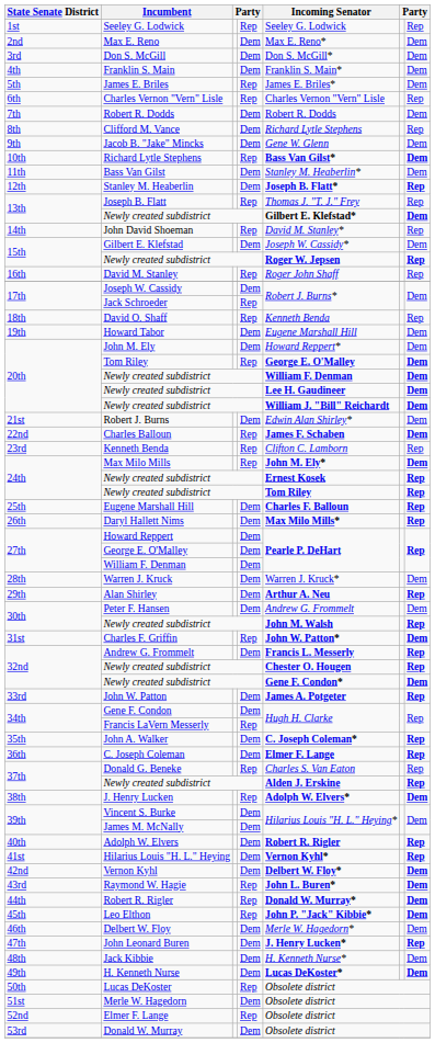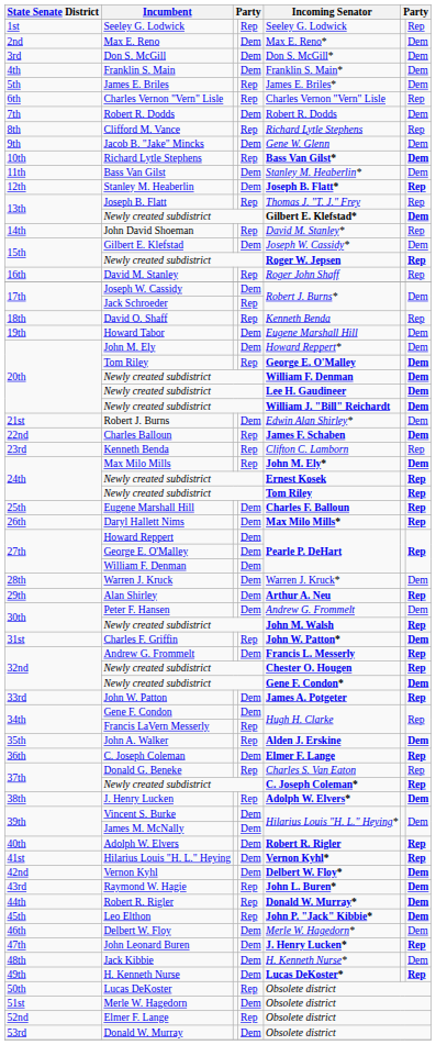 <table class="sortable wikitable" style="font-size:95%;line-height:14px;">
 <tr>
 <th class="unsortable"><a href='#'>State Senate</a> District</th>
 <th class="unsortable"><a href='#'>Incumbent</a></th>
 <th colspan="2">Party</th>
 <th class="unsortable">Incoming Senator</th>
 <th colspan="2">Party</th>
 </tr>
 <tr>
 <td><a href='#'>1st</a></td>
 <td><a href='#'>Seeley G. Lodwick</a></td>
 <td style="background:"></td>
 <td><a href='#'>Rep</a></td>
 <td><a href='#'>Seeley G. Lodwick</a></td>
 <td style="background:"></td>
 <td><a href='#'>Rep</a></td>
 </tr>
 <tr>
 <td><a href='#'>2nd</a></td>
 <td><a href='#'>Max E. Reno</a></td>
 <td style="background:"></td>
 <td><a href='#'>Dem</a></td>
 <td><a href='#'>Max E. Reno</a>*</td>
 <td style="background:"></td>
 <td><a href='#'>Dem</a></td>
 </tr>
 <tr>
 <td><a href='#'>3rd</a></td>
 <td><a href='#'>Don S. McGill</a></td>
 <td style="background:"></td>
 <td><a href='#'>Dem</a></td>
 <td><a href='#'>Don S. McGill</a>*</td>
 <td style="background:"></td>
 <td><a href='#'>Dem</a></td>
 </tr>
 <tr>
 <td><a href='#'>4th</a></td>
 <td><a href='#'>Franklin S. Main</a></td>
 <td style="background:"></td>
 <td><a href='#'>Dem</a></td>
 <td><a href='#'>Franklin S. Main</a>*</td>
 <td style="background:"></td>
 <td><a href='#'>Dem</a></td>
 </tr>
 <tr>
 <td><a href='#'>5th</a></td>
 <td><a href='#'>James E. Briles</a></td>
 <td style="background:"></td>
 <td><a href='#'>Rep</a></td>
 <td><a href='#'>James E. Briles</a>*</td>
 <td style="background:"></td>
 <td><a href='#'>Dem</a></td>
 </tr>
 <tr>
 <td><a href='#'>6th</a></td>
 <td><a href='#'>Charles Vernon "Vern" Lisle</a></td>
 <td style="background:"></td>
 <td><a href='#'>Rep</a></td>
 <td><a href='#'>Charles Vernon "Vern" Lisle</a></td>
 <td style="background:"></td>
 <td><a href='#'>Rep</a></td>
 </tr>
 <tr>
 <td><a href='#'>7th</a></td>
 <td><a href='#'>Robert R. Dodds</a></td>
 <td style="background:"></td>
 <td><a href='#'>Dem</a></td>
 <td><a href='#'>Robert R. Dodds</a></td>
 <td style="background:"></td>
 <td><a href='#'>Dem</a></td>
 </tr>
 <tr>
 <td><a href='#'>8th</a></td>
 <td><a href='#'>Clifford M. Vance</a></td>
 <td style="background:"></td>
-<td><a href='#'>Dem</a></td>
+<td><a href='#'>Rep</a></td>
 <td><em><a href='#'>Richard Lytle Stephens</a></em></td>
 <td style="background:"></td>
 <td><a href='#'>Rep</a></td>
 </tr>
 <tr>
 <td><a href='#'>9th</a></td>
 <td><a href='#'>Jacob B. "Jake" Mincks</a></td>
 <td style="background:"></td>
 <td><a href='#'>Dem</a></td>
 <td><em><a href='#'>Gene W. Glenn</a></em></td>
 <td style="background:"></td>
 <td><a href='#'>Dem</a></td>
 </tr>
 <tr>
 <td><a href='#'>10th</a></td>
 <td><a href='#'>Richard Lytle Stephens</a></td>
 <td style="background:"></td>
 <td><a href='#'>Rep</a></td>
 <td><strong><a href='#'>Bass Van Gilst</a>*</strong></td>
 <td style="background:"></td>
 <td><strong><a href='#'>Dem</a></strong></td>
 </tr>
 <tr>
 <td><a href='#'>11th</a></td>
 <td><a href='#'>Bass Van Gilst</a></td>
 <td style="background:"></td>
 <td><a href='#'>Dem</a></td>
 <td><em><a href='#'>Stanley M. Heaberlin</a>*</em></td>
 <td style="background:"></td>
 <td><a href='#'>Dem</a></td>
 </tr>
 <tr>
 <td><a href='#'>12th</a></td>
 <td><a href='#'>Stanley M. Heaberlin</a></td>
 <td style="background:"></td>
 <td><a href='#'>Dem</a></td>
 <td><strong><a href='#'>Joseph B. Flatt</a>*</strong></td>
 <td style="background:"></td>
 <td><strong><a href='#'>Rep</a></strong></td>
 </tr>
 <tr>
 <td rowspan="2"><a href='#'>13th</a></td>
 <td><a href='#'>Joseph B. Flatt</a></td>
 <td style="background:"></td>
 <td><a href='#'>Rep</a></td>
 <td><em><a href='#'>Thomas J. "T. J." Frey</a></em></td>
 <td style="background:"></td>
 <td><a href='#'>Rep</a></td>
 </tr>
 <tr>
 <td colspan="3" ><em>Newly created subdistrict</em></td>
 <td><strong>Gilbert E. Klefstad*</strong></td>
 <td style="background:"></td>
 <td><strong><a href='#'>Dem</a></strong></td>
 </tr>
 <tr>
 <td><a href='#'>14th</a></td>
 <td>John David Shoeman</td>
 <td style="background:"></td>
 <td><a href='#'>Rep</a></td>
 <td><em><a href='#'>David M. Stanley</a>*</em></td>
 <td style="background:"></td>
 <td><a href='#'>Rep</a></td>
 </tr>
 <tr>
 <td rowspan="2"><a href='#'>15th</a></td>
 <td><a href='#'>Gilbert E. Klefstad</a></td>
 <td style="background:"></td>
 <td><a href='#'>Dem</a></td>
 <td><em><a href='#'>Joseph W. Cassidy</a>*</em></td>
 <td style="background:"></td>
 <td><a href='#'>Dem</a></td>
 </tr>
 <tr>
 <td colspan="3" ><em>Newly created subdistrict</em></td>
 <td><strong><a href='#'>Roger W. Jepsen</a></strong></td>
 <td style="background:"></td>
 <td><strong><a href='#'>Rep</a></strong></td>
 </tr>
 <tr>
 <td><a href='#'>16th</a></td>
 <td><a href='#'>David M. Stanley</a></td>
 <td style="background:"></td>
 <td><a href='#'>Rep</a></td>
 <td><em><a href='#'>Roger John Shaff</a></em></td>
 <td style="background:"></td>
 <td><a href='#'>Rep</a></td>
 </tr>
 <tr>
 </tr>
 <tr>
 <td rowspan="2"><a href='#'>17th</a></td>
 <td><a href='#'>Joseph W. Cassidy</a></td>
 <td style="background:"></td>
 <td><a href='#'>Dem</a></td>
 <td rowspan="2"><em><a href='#'>Robert J. Burns</a>*</em></td>
 <td rowspan="2" style="background:"></td>
 <td rowspan="2"><a href='#'>Dem</a></td>
 </tr>
 <tr>
 <td><a href='#'>Jack Schroeder</a></td>
 <td style="background:"></td>
 <td><a href='#'>Rep</a></td>
 </tr>
 <tr>
 <td><a href='#'>18th</a></td>
 <td><a href='#'>David O. Shaff</a></td>
 <td style="background:"></td>
 <td><a href='#'>Rep</a></td>
 <td><em><a href='#'>Kenneth Benda</a></em></td>
 <td style="background:"></td>
 <td><a href='#'>Rep</a></td>
 </tr>
 <tr>
 <td><a href='#'>19th</a></td>
 <td><a href='#'>Howard Tabor</a></td>
 <td style="background:"></td>
 <td><a href='#'>Dem</a></td>
 <td><em><a href='#'>Eugene Marshall Hill</a></em></td>
 <td style="background:"></td>
 <td><a href='#'>Dem</a></td>
 </tr>
 <tr>
 <td rowspan="5"><a href='#'>20th</a></td>
 <td><a href='#'>John M. Ely</a></td>
 <td style="background:"></td>
 <td><a href='#'>Dem</a></td>
 <td><em><a href='#'>Howard Reppert</a>*</em></td>
 <td style="background:"></td>
 <td><a href='#'>Dem</a></td>
 </tr>
 <tr>
 <td><a href='#'>Tom Riley</a></td>
 <td style="background:"></td>
 <td><a href='#'>Rep</a></td>
 <td><strong><a href='#'>George E. O'Malley</a></strong></td>
 <td style="background:"></td>
 <td><strong><a href='#'>Dem</a></strong></td>
 </tr>
 <tr>
 <td colspan="3" ><em>Newly created subdistrict</em></td>
 <td><strong><a href='#'>William F. Denman</a></strong></td>
 <td style="background:"></td>
 <td><strong><a href='#'>Dem</a></strong></td>
 </tr>
 <tr>
 <td colspan="3" ><em>Newly created subdistrict</em></td>
 <td><strong><a href='#'>Lee H. Gaudineer</a></strong></td>
 <td style="background:"></td>
 <td><strong><a href='#'>Dem</a></strong></td>
 </tr>
 <tr>
 <td colspan="3" ><em>Newly created subdistrict</em></td>
 <td><strong><a href='#'>William J. "Bill" Reichardt</a></strong></td>
 <td style="background:"></td>
 <td><strong><a href='#'>Dem</a></strong></td>
 </tr>
 <tr>
 <td><a href='#'>21st</a></td>
 <td>Robert J. Burns</td>
 <td style="background:"></td>
 <td><a href='#'>Dem</a></td>
 <td><em><a href='#'>Edwin Alan Shirley</a>*</em></td>
 <td style="background:"></td>
 <td><a href='#'>Dem</a></td>
 </tr>
 <tr>
 <td><a href='#'>22nd</a></td>
 <td><a href='#'>Charles Balloun</a></td>
 <td style="background:"></td>
 <td><a href='#'>Rep</a></td>
 <td><strong><a href='#'>James F. Schaben</a></strong></td>
 <td style="background:"></td>
 <td><strong><a href='#'>Dem</a></strong></td>
 </tr>
 <tr>
 <td><a href='#'>23rd</a></td>
 <td><a href='#'>Kenneth Benda</a></td>
 <td style="background:"></td>
 <td><a href='#'>Rep</a></td>
 <td><em><a href='#'>Clifton C. Lamborn</a></em></td>
 <td style="background:"></td>
 <td><a href='#'>Rep</a></td>
 </tr>
 <tr>
 <td rowspan="3"><a href='#'>24th</a></td>
 <td><a href='#'>Max Milo Mills</a></td>
 <td style="background:"></td>
 <td><a href='#'>Rep</a></td>
 <td><strong><a href='#'>John M. Ely</a>*</strong></td>
 <td style="background:"></td>
 <td><strong><a href='#'>Dem</a></strong></td>
 </tr>
 <tr>
 <td colspan="3" ><em>Newly created subdistrict</em></td>
 <td><strong><a href='#'>Ernest Kosek</a></strong></td>
 <td style="background:"></td>
 <td><strong><a href='#'>Rep</a></strong></td>
 </tr>
 <tr>
 <td colspan="3" ><em>Newly created subdistrict</em></td>
 <td><strong><a href='#'>Tom Riley</a></strong></td>
 <td style="background:"></td>
 <td><strong><a href='#'>Rep</a></strong></td>
 </tr>
 <tr>
 <td><a href='#'>25th</a></td>
 <td><a href='#'>Eugene Marshall Hill</a></td>
 <td style="background:"></td>
 <td><a href='#'>Dem</a></td>
 <td><strong><a href='#'>Charles F. Balloun</a></strong></td>
 <td style="background:"></td>
 <td><strong><a href='#'>Rep</a></strong></td>
 </tr>
 <tr>
 <td><a href='#'>26th</a></td>
 <td><a href='#'>Daryl Hallett Nims</a></td>
 <td style="background:"></td>
 <td><a href='#'>Dem</a></td>
 <td><strong><a href='#'>Max Milo Mills</a>*</strong></td>
 <td style="background:"></td>
 <td><strong><a href='#'>Rep</a></strong></td>
 </tr>
 <tr>
 <td rowspan="3"><a href='#'>27th</a></td>
 <td><a href='#'>Howard Reppert</a></td>
 <td style="background:"></td>
 <td><a href='#'>Dem</a></td>
 <td rowspan="3"><strong><a href='#'>Pearle P. DeHart</a></strong></td>
 <td rowspan="3" style="background:"></td>
 <td rowspan="3"><strong><a href='#'>Rep</a></strong></td>
 </tr>
 <tr>
 <td><a href='#'>George E. O'Malley</a></td>
 <td style="background:"></td>
 <td><a href='#'>Dem</a></td>
 </tr>
 <tr>
 <td><a href='#'>William F. Denman</a></td>
 <td style="background:"></td>
 <td><a href='#'>Dem</a></td>
 </tr>
 <tr>
 <td><a href='#'>28th</a></td>
 <td><a href='#'>Warren J. Kruck</a></td>
 <td style="background:"></td>
 <td><a href='#'>Dem</a></td>
 <td><a href='#'>Warren J. Kruck</a>*</td>
 <td style="background:"></td>
 <td><a href='#'>Dem</a></td>
 </tr>
 <tr>
 <td><a href='#'>29th</a></td>
 <td><a href='#'>Alan Shirley</a></td>
 <td style="background:"></td>
 <td><a href='#'>Dem</a></td>
 <td><strong><a href='#'>Arthur A. Neu</a></strong></td>
 <td style="background:"></td>
 <td><strong><a href='#'>Rep</a></strong></td>
 </tr>
 <tr>
 <td rowspan="2"><a href='#'>30th</a></td>
 <td><a href='#'>Peter F. Hansen</a></td>
 <td style="background:"></td>
 <td><a href='#'>Dem</a></td>
 <td><em><a href='#'>Andrew G. Frommelt</a></em></td>
 <td style="background:"></td>
 <td><a href='#'>Dem</a></td>
 </tr>
 <tr>
 <td colspan="3" ><em>Newly created subdistrict</em></td>
 <td><strong><a href='#'>John M. Walsh</a></strong></td>
 <td style="background:"></td>
 <td><strong><a href='#'>Rep</a></strong></td>
 </tr>
 <tr>
 <td><a href='#'>31st</a></td>
 <td><a href='#'>Charles F. Griffin</a></td>
 <td style="background:"></td>
 <td><a href='#'>Rep</a></td>
 <td><strong><a href='#'>John W. Patton</a>*</strong></td>
 <td style="background:"></td>
 <td><strong><a href='#'>Dem</a></strong></td>
 </tr>
 <tr>
 <td rowspan="3"><a href='#'>32nd</a></td>
 <td><a href='#'>Andrew G. Frommelt</a></td>
 <td style="background:"></td>
 <td><a href='#'>Dem</a></td>
 <td><strong><a href='#'>Francis L. Messerly</a></strong></td>
 <td style="background:"></td>
 <td><strong><a href='#'>Rep</a></strong></td>
 </tr>
 <tr>
 <td colspan="3" ><em>Newly created subdistrict</em></td>
 <td><strong><a href='#'>Chester O. Hougen</a></strong></td>
 <td style="background:"></td>
 <td><strong><a href='#'>Rep</a></strong></td>
 </tr>
 <tr>
 <td colspan="3" ><em>Newly created subdistrict</em></td>
 <td><strong><a href='#'>Gene F. Condon</a>*</strong></td>
 <td style="background:"></td>
 <td><strong><a href='#'>Dem</a></strong></td>
 </tr>
 <tr>
 <td><a href='#'>33rd</a></td>
 <td><a href='#'>John W. Patton</a></td>
 <td style="background:"></td>
 <td><a href='#'>Dem</a></td>
 <td><strong><a href='#'>James A. Potgeter</a></strong></td>
 <td style="background:"></td>
 <td><strong><a href='#'>Rep</a></strong></td>
 </tr>
 <tr>
 <td rowspan="2"><a href='#'>34th</a></td>
 <td><a href='#'>Gene F. Condon</a></td>
 <td style="background:"></td>
 <td><a href='#'>Dem</a></td>
 <td rowspan="2"><em><a href='#'>Hugh H. Clarke</a></em></td>
 <td rowspan="2" style="background:"></td>
 <td rowspan="2"><a href='#'>Rep</a></td>
 </tr>
 <tr>
 <td><a href='#'>Francis LaVern Messerly</a></td>
 <td style="background:"></td>
 <td><a href='#'>Rep</a></td>
 </tr>
 <tr>
 <td><a href='#'>35th</a></td>
 <td><a href='#'>John A. Walker</a></td>
 <td style="background:"></td>
-<td><a href='#'>Dem</a></td>
-<td><strong><a href='#'>C. Joseph Coleman</a>*</strong></td>
+<td><a href='#'>Rep</a></td>
+<td><strong><a href='#'>Alden J. Erskine</a></strong></td>
 <td style="background:"></td>
-<td><strong><a href='#'>Rep</a></strong></td>
+<td><strong><a href='#'>Dem</a></strong></td>
 </tr>
 <tr>
 <td><a href='#'>36th</a></td>
 <td><a href='#'>C. Joseph Coleman</a></td>
 <td style="background:"></td>
 <td><a href='#'>Dem</a></td>
 <td><strong><a href='#'>Elmer F. Lange</a></strong></td>
 <td style="background:"></td>
 <td><strong><a href='#'>Rep</a></strong></td>
 </tr>
 <tr>
 <td rowspan="2"><a href='#'>37th</a></td>
 <td><a href='#'>Donald G. Beneke</a></td>
 <td style="background:"></td>
 <td><a href='#'>Rep</a></td>
 <td><em><a href='#'>Charles S. Van Eaton</a></em></td>
 <td style="background:"></td>
 <td><a href='#'>Rep</a></td>
 </tr>
 <tr>
 <td colspan="3" ><em>Newly created subdistrict</em></td>
-<td><strong><a href='#'>Alden J. Erskine</a></strong></td>
+<td><strong><a href='#'>C. Joseph Coleman</a>*</strong></td>
 <td style="background:"></td>
 <td><strong><a href='#'>Rep</a></strong></td>
 </tr>
 <tr>
 <td><a href='#'>38th</a></td>
 <td><a href='#'>J. Henry Lucken</a></td>
 <td style="background:"></td>
 <td><a href='#'>Rep</a></td>
 <td><strong><a href='#'>Adolph W. Elvers</a>*</strong></td>
 <td style="background:"></td>
 <td><strong><a href='#'>Dem</a></strong></td>
 </tr>
 <tr>
 <td rowspan="2"><a href='#'>39th</a></td>
 <td><a href='#'>Vincent S. Burke</a></td>
 <td style="background:"></td>
 <td><a href='#'>Dem</a></td>
 <td rowspan="2"><em><a href='#'>Hilarius Louis "H. L." Heying</a>*</em></td>
 <td rowspan="2" style="background:"></td>
 <td rowspan="2"><a href='#'>Dem</a></td>
 </tr>
 <tr>
 <td><a href='#'>James M. McNally</a></td>
 <td style="background:"></td>
 <td><a href='#'>Dem</a></td>
 </tr>
 <tr>
 <td><a href='#'>40th</a></td>
 <td><a href='#'>Adolph W. Elvers</a></td>
 <td style="background:"></td>
 <td><a href='#'>Dem</a></td>
 <td><strong><a href='#'>Robert R. Rigler</a></strong></td>
 <td style="background:"></td>
 <td><strong><a href='#'>Rep</a></strong></td>
 </tr>
 <tr>
 <td><a href='#'>41st</a></td>
 <td><a href='#'>Hilarius Louis "H. L." Heying</a></td>
 <td style="background:"></td>
 <td><a href='#'>Dem</a></td>
 <td><strong><a href='#'>Vernon Kyhl</a>*</strong></td>
 <td style="background:"></td>
 <td><strong><a href='#'>Rep</a></strong></td>
 </tr>
 <tr>
 <td><a href='#'>42nd</a></td>
 <td><a href='#'>Vernon Kyhl</a></td>
 <td style="background:"></td>
 <td><a href='#'>Dem</a></td>
 <td><strong><a href='#'>Delbert W. Floy</a>*</strong></td>
 <td style="background:"></td>
 <td><strong><a href='#'>Dem</a></strong></td>
 </tr>
 <tr>
 <td><a href='#'>43rd</a></td>
 <td><a href='#'>Raymond W. Hagie</a></td>
 <td style="background:"></td>
 <td><a href='#'>Rep</a></td>
 <td><strong><a href='#'>John L. Buren</a>*</strong></td>
 <td style="background:"></td>
 <td><strong><a href='#'>Dem</a></strong></td>
 </tr>
 <tr>
 <td><a href='#'>44th</a></td>
 <td><a href='#'>Robert R. Rigler</a></td>
 <td style="background:"></td>
 <td><a href='#'>Rep</a></td>
 <td><strong><a href='#'>Donald W. Murray</a>*</strong></td>
 <td style="background:"></td>
 <td><strong><a href='#'>Dem</a></strong></td>
 </tr>
 <tr>
 <td><a href='#'>45th</a></td>
 <td><a href='#'>Leo Elthon</a></td>
 <td style="background:"></td>
 <td><a href='#'>Rep</a></td>
 <td><strong><a href='#'>John P. "Jack" Kibbie</a>*</strong></td>
 <td style="background:"></td>
 <td><strong><a href='#'>Dem</a></strong></td>
 </tr>
 <tr>
 <td><a href='#'>46th</a></td>
 <td><a href='#'>Delbert W. Floy</a></td>
 <td style="background:"></td>
 <td><a href='#'>Dem</a></td>
 <td><em><a href='#'>Merle W. Hagedorn</a>*</em></td>
 <td style="background:"></td>
 <td><a href='#'>Dem</a></td>
 </tr>
 <tr>
 <td><a href='#'>47th</a></td>
 <td><a href='#'>John Leonard Buren</a></td>
 <td style="background:"></td>
 <td><a href='#'>Dem</a></td>
 <td><strong><a href='#'>J. Henry Lucken</a>*</strong></td>
 <td style="background:"></td>
 <td><strong><a href='#'>Rep</a></strong></td>
 </tr>
 <tr>
 <td><a href='#'>48th</a></td>
 <td><a href='#'>Jack Kibbie</a></td>
 <td style="background:"></td>
 <td><a href='#'>Dem</a></td>
 <td><em><a href='#'>H. Kenneth Nurse</a>*</em></td>
 <td style="background:"></td>
 <td><a href='#'>Dem</a></td>
 </tr>
 <tr>
 <td><a href='#'>49th</a></td>
 <td><a href='#'>H. Kenneth Nurse</a></td>
 <td style="background:"></td>
 <td><a href='#'>Dem</a></td>
 <td><strong><a href='#'>Lucas DeKoster</a>*</strong></td>
 <td style="background:"></td>
-<td><strong><a href='#'>Dem</a></strong></td>
+<td><strong><a href='#'>Rep</a></strong></td>
 </tr>
 <tr>
 <td><a href='#'>50th</a></td>
 <td><a href='#'>Lucas DeKoster</a></td>
 <td style="background:"></td>
 <td><a href='#'>Rep</a></td>
 <td colspan="3" ><em>Obsolete district</em></td>
 </tr>
 <tr>
 <td><a href='#'>51st</a></td>
 <td><a href='#'>Merle W. Hagedorn</a></td>
 <td style="background:"></td>
 <td><a href='#'>Dem</a></td>
 <td colspan="3" ><em>Obsolete district</em></td>
 </tr>
 <tr>
 <td><a href='#'>52nd</a></td>
 <td><a href='#'>Elmer F. Lange</a></td>
 <td style="background:"></td>
 <td><a href='#'>Rep</a></td>
 <td colspan="3" ><em>Obsolete district</em></td>
 </tr>
 <tr>
 <td><a href='#'>53rd</a></td>
 <td><a href='#'>Donald W. Murray</a></td>
 <td style="background:"></td>
 <td><a href='#'>Dem</a></td>
 <td colspan="3" ><em>Obsolete district</em></td>
 </tr>
 <tr>
 </tr>
 </table>
